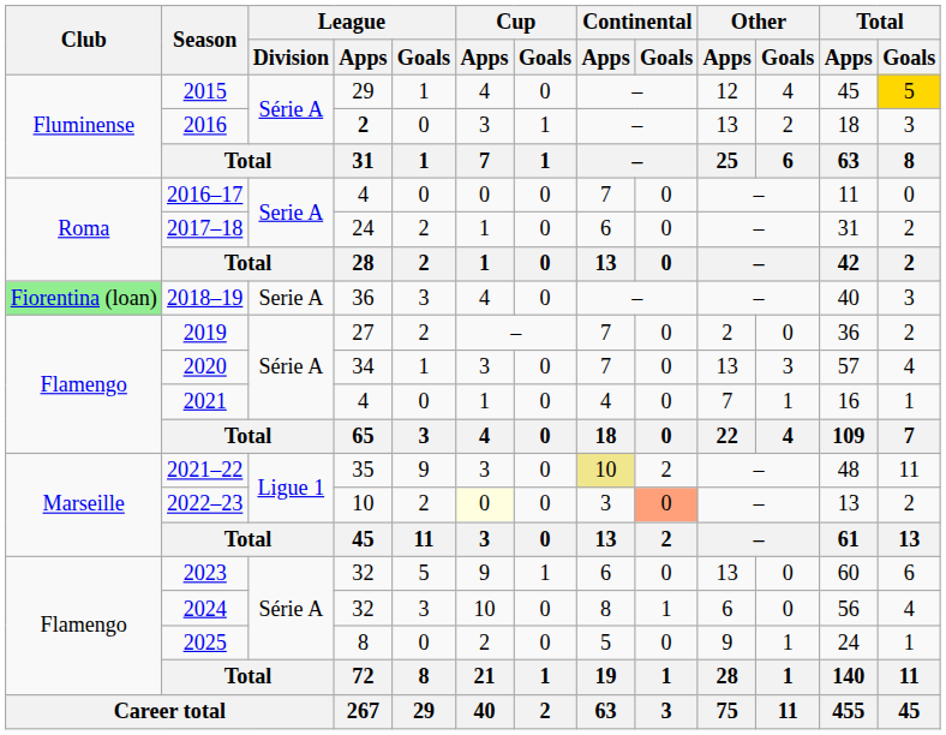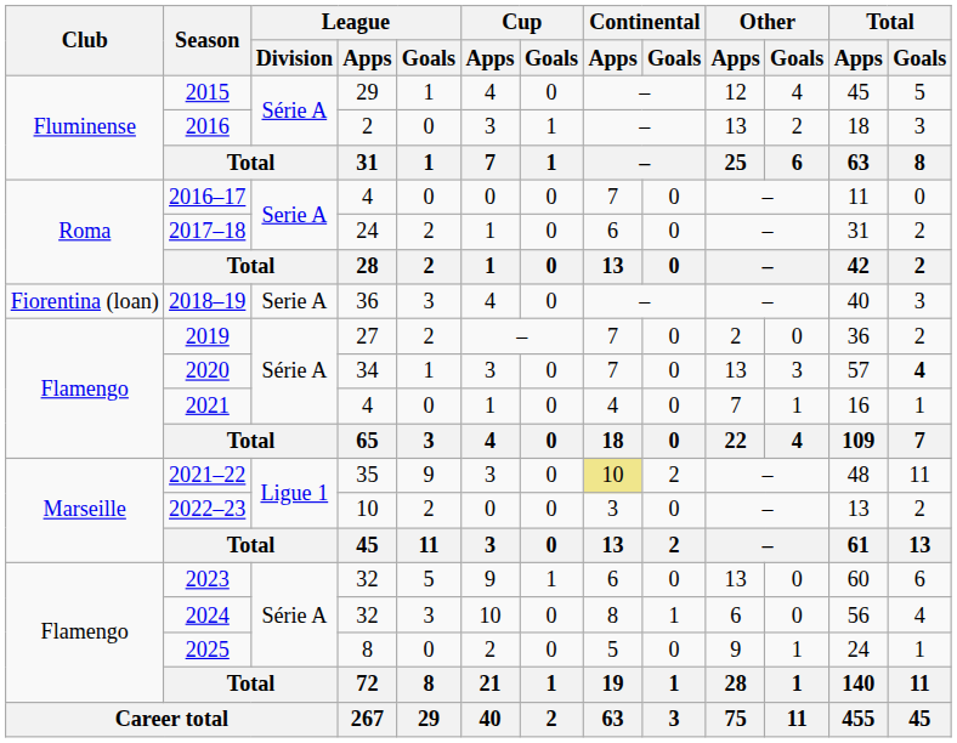 <table class="wikitable" style="text-align:center">
 <tr>
 <th rowspan="2">Club</th>
 <th rowspan="2">Season</th>
 <th colspan="3">League</th>
 <th colspan="2">Cup</th>
 <th colspan="2">Continental</th>
 <th colspan="2">Other</th>
 <th colspan="2">Total</th>
 </tr>
 <tr>
 <th>Division</th>
 <th>Apps</th>
 <th>Goals</th>
 <th>Apps</th>
 <th>Goals</th>
 <th>Apps</th>
 <th>Goals</th>
 <th>Apps</th>
 <th>Goals</th>
 <th>Apps</th>
 <th>Goals</th>
 </tr>
 <tr>
 <td rowspan="3"><a href='#'>Fluminense</a></td>
 <td><a href='#'>2015</a></td>
 <td rowspan="2"><a href='#'>Série A</a></td>
 <td>29</td>
 <td>1</td>
 <td>4</td>
 <td>0</td>
 <td colspan="2">–</td>
 <td>12</td>
 <td>4</td>
 <td>45</td>
-<td style="background: gold;">5</td>
+<td>5</td>
 </tr>
 <tr>
 <td><a href='#'>2016</a></td>
-<td><strong>2</strong></td>
+<td>2</td>
 <td>0</td>
 <td>3</td>
 <td>1</td>
 <td colspan="2">–</td>
 <td>13</td>
 <td>2</td>
 <td>18</td>
 <td>3</td>
 </tr>
 <tr>
 <th colspan="2">Total</th>
 <th>31</th>
 <th>1</th>
 <th>7</th>
 <th>1</th>
 <th colspan="2">–</th>
 <th>25</th>
 <th>6</th>
 <th>63</th>
 <th>8</th>
 </tr>
 <tr>
 <td rowspan="3"><a href='#'>Roma</a></td>
 <td><a href='#'>2016–17</a></td>
 <td rowspan="2"><a href='#'>Serie A</a></td>
 <td>4</td>
 <td>0</td>
 <td>0</td>
 <td>0</td>
 <td>7</td>
 <td>0</td>
 <td colspan="2">–</td>
 <td>11</td>
 <td>0</td>
 </tr>
 <tr>
 <td><a href='#'>2017–18</a></td>
 <td>24</td>
 <td>2</td>
 <td>1</td>
 <td>0</td>
 <td>6</td>
 <td>0</td>
 <td colspan="2">–</td>
 <td>31</td>
 <td>2</td>
 </tr>
 <tr>
 <th colspan="2">Total</th>
 <th>28</th>
 <th>2</th>
 <th>1</th>
 <th>0</th>
 <th>13</th>
 <th>0</th>
 <th colspan="2">–</th>
 <th>42</th>
 <th>2</th>
 </tr>
 <tr>
-<td style="background: lightgreen;"><a href='#'>Fiorentina</a> (loan)</td>
+<td><a href='#'>Fiorentina</a> (loan)</td>
 <td><a href='#'>2018–19</a></td>
 <td>Serie A</td>
 <td>36</td>
 <td>3</td>
 <td>4</td>
 <td>0</td>
 <td colspan="2">–</td>
 <td colspan="2">–</td>
 <td>40</td>
 <td>3</td>
 </tr>
 <tr>
 <td rowspan="4"><a href='#'>Flamengo</a></td>
 <td><a href='#'>2019</a></td>
 <td rowspan="3">Série A</td>
 <td>27</td>
 <td>2</td>
 <td colspan="2">–</td>
 <td>7</td>
 <td>0</td>
 <td>2</td>
 <td>0</td>
 <td>36</td>
 <td>2</td>
 </tr>
 <tr>
 <td><a href='#'>2020</a></td>
 <td>34</td>
 <td>1</td>
 <td>3</td>
 <td>0</td>
 <td>7</td>
 <td>0</td>
 <td>13</td>
 <td>3</td>
 <td>57</td>
-<td>4</td>
+<td><strong>4</strong></td>
 </tr>
 <tr>
 <td><a href='#'>2021</a></td>
 <td>4</td>
 <td>0</td>
 <td>1</td>
 <td>0</td>
 <td>4</td>
 <td>0</td>
 <td>7</td>
 <td>1</td>
 <td>16</td>
 <td>1</td>
 </tr>
 <tr>
 <th colspan="2">Total</th>
 <th>65</th>
 <th>3</th>
 <th>4</th>
 <th>0</th>
 <th>18</th>
 <th>0</th>
 <th>22</th>
 <th>4</th>
 <th>109</th>
 <th>7</th>
 </tr>
 <tr>
 <td rowspan="3"><a href='#'>Marseille</a></td>
 <td><a href='#'>2021–22</a></td>
 <td rowspan="2"><a href='#'>Ligue 1</a></td>
 <td>35</td>
 <td>9</td>
 <td>3</td>
 <td>0</td>
 <td style="background: khaki;">10</td>
 <td>2</td>
 <td colspan="2">–</td>
 <td>48</td>
 <td>11</td>
 </tr>
 <tr>
 <td><a href='#'>2022–23</a></td>
 <td>10</td>
 <td>2</td>
-<td style="background: lightyellow;">0</td>
+<td>0</td>
 <td>0</td>
 <td>3</td>
-<td style="background: lightsalmon;">0</td>
+<td>0</td>
 <td colspan="2">–</td>
 <td>13</td>
 <td>2</td>
 </tr>
 <tr>
 <th colspan="2">Total</th>
 <th>45</th>
 <th>11</th>
 <th>3</th>
 <th>0</th>
 <th>13</th>
 <th>2</th>
 <th colspan="2">–</th>
 <th>61</th>
 <th>13</th>
 </tr>
 <tr>
 <td rowspan="4">Flamengo</td>
 <td><a href='#'>2023</a></td>
 <td rowspan="3">Série A</td>
 <td>32</td>
 <td>5</td>
 <td>9</td>
 <td>1</td>
 <td>6</td>
 <td>0</td>
 <td>13</td>
 <td>0</td>
 <td>60</td>
 <td>6</td>
 </tr>
 <tr>
 <td><a href='#'>2024</a></td>
 <td>32</td>
 <td>3</td>
 <td>10</td>
 <td>0</td>
 <td>8</td>
 <td>1</td>
 <td>6</td>
 <td>0</td>
 <td>56</td>
 <td>4</td>
 </tr>
 <tr>
 <td><a href='#'>2025</a></td>
 <td>8</td>
 <td>0</td>
 <td>2</td>
 <td>0</td>
 <td>5</td>
 <td>0</td>
 <td>9</td>
 <td>1</td>
 <td>24</td>
 <td>1</td>
 </tr>
 <tr>
 <th colspan="2">Total</th>
 <th>72</th>
 <th>8</th>
 <th>21</th>
 <th>1</th>
 <th>19</th>
 <th>1</th>
 <th>28</th>
 <th>1</th>
 <th>140</th>
 <th>11</th>
 </tr>
 <tr>
 <th colspan="3">Career total</th>
 <th>267</th>
 <th>29</th>
 <th>40</th>
 <th>2</th>
 <th>63</th>
 <th>3</th>
 <th>75</th>
 <th>11</th>
 <th>455</th>
 <th>45</th>
 </tr>
 </table>
